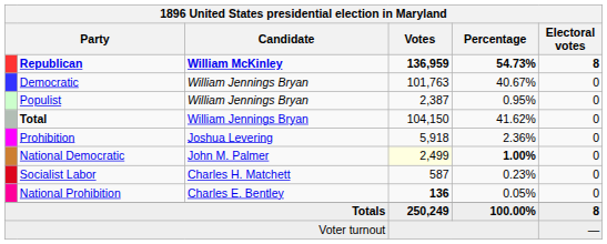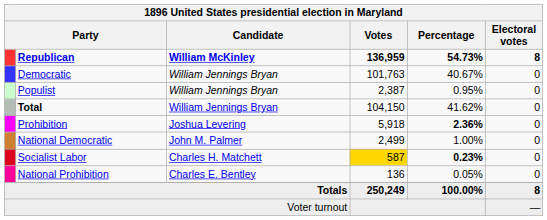 <table class="wikitable" style="font-size: 95%;">
 <tr>
 <th colspan="6">1896 United States presidential election in Maryland</th>
 </tr>
 <tr>
 <th colspan="2" style="width: 15em">Party</th>
 <th style="width: 17em">Candidate</th>
 <th style="width: 5em">Votes</th>
 <th style="width: 7em">Percentage</th>
 <th style="width: 5em">Electoral votes</th>
 </tr>
 <tr>
 <th style="background-color:#FF3333; width: 3px"></th>
 <td style="width: 130px"><strong><a href='#'>Republican</a></strong></td>
 <td><strong><a href='#'>William McKinley</a></strong></td>
 <td align="right"><strong>136,959</strong></td>
 <td align="right"><strong>54.73%</strong></td>
 <td align="right"><strong>8</strong></td>
 </tr>
 <tr>
 <th style="background-color:#3333FF; width: 3px"></th>
 <td style="width: 130px"><a href='#'>Democratic</a></td>
 <td><em>William Jennings Bryan</em></td>
 <td align="right">101,763</td>
 <td align="right">40.67%</td>
 <td align="right">0</td>
 </tr>
 <tr>
 <th style="background-color:#CCFFCC; width: 3px"></th>
 <td style="width: 130px"><a href='#'>Populist</a></td>
 <td><em>William Jennings Bryan</em></td>
 <td align="right">2,387</td>
 <td align="right">0.95%</td>
 <td align="right">0</td>
 </tr>
 <tr>
 <th style="background-color:#B2BEB5; width: 3px"></th>
 <td style="width: 130px"><strong> Total</strong></td>
 <td><a href='#'>William Jennings Bryan</a></td>
 <td align="right">104,150</td>
 <td align="right">41.62%</td>
 <td align="right">0</td>
 </tr>
 <tr>
 <th style="background-color:#FF00FF; width: 3px"></th>
 <td style="width: 130px"><a href='#'>Prohibition</a></td>
 <td><a href='#'>Joshua Levering</a></td>
 <td align="right">5,918</td>
-<td align="right">2.36%</td>
+<td align="right"><strong>2.36%</strong></td>
 <td align="right">0</td>
 </tr>
 <tr>
 <th style="background-color:#CD7F32; width: 3px"></th>
 <td style="width: 130px"><a href='#'>National Democratic</a></td>
 <td><a href='#'>John M. Palmer</a></td>
-<td align="right" style="background: lightyellow;">2,499</td>
-<td align="right"><strong>1.00%</strong></td>
+<td align="right">2,499</td>
+<td align="right">1.00%</td>
 <td align="right">0</td>
 </tr>
 <tr>
 <th style="background-color:#DD051D; width: 3px"></th>
 <td style="width: 130px"><a href='#'>Socialist Labor</a></td>
 <td><a href='#'>Charles H. Matchett</a></td>
-<td align="right">587</td>
-<td align="right">0.23%</td>
+<td align="right" style="background: gold;">587</td>
+<td align="right"><strong>0.23%</strong></td>
 <td align="right">0</td>
 </tr>
 <tr>
 <th style="background-color:#f09; width: 3px"></th>
 <td style="width: 130px"><a href='#'>National Prohibition</a></td>
 <td><a href='#'>Charles E. Bentley</a></td>
-<td align="right"><strong>136</strong></td>
+<td align="right">136</td>
 <td align="right">0.05%</td>
 <td align="right">0</td>
 </tr>
 <tr>
 </tr>
 <tr bgcolor="#EEEEEE">
 <td colspan="3" align="right"><strong>Totals</strong></td>
 <td align="right"><strong>250,249</strong></td>
 <td align="right"><strong>100.00%</strong></td>
 <td align="right"><strong>8</strong></td>
 </tr>
 <tr bgcolor="#EEEEEE">
 <td colspan="3" align="right">Voter turnout</td>
 <td colspan="2" align="right"></td>
 <td align="right">—</td>
 </tr>
 </table>
